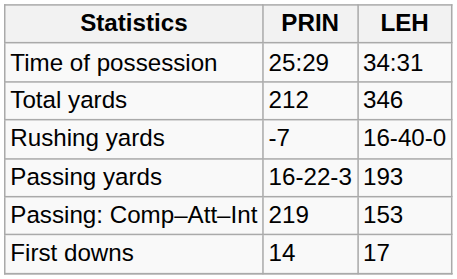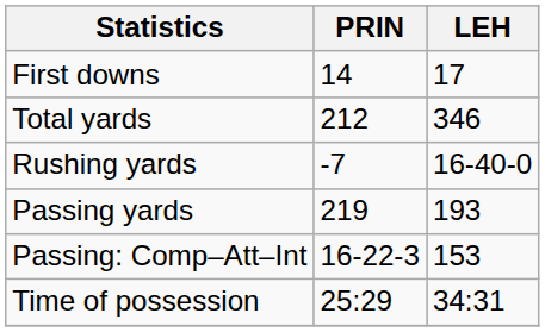 <table class="wikitable" style="float: left;">
 <tr>
 <th>Statistics</th>
 <th>PRIN</th>
 <th>LEH</th>
 </tr>
 <tr>
-<td>Time of possession</td>
-<td>25:29</td>
-<td>34:31</td>
+<td>First downs</td>
+<td>14</td>
+<td>17</td>
 </tr>
 <tr>
 <td>Total yards</td>
 <td>212</td>
 <td>346</td>
 </tr>
 <tr>
 <td>Rushing yards</td>
 <td>-7</td>
 <td>16-40-0</td>
 </tr>
 <tr>
 <td>Passing yards</td>
-<td>16-22-3</td>
+<td>219</td>
 <td>193</td>
 </tr>
 <tr>
 <td>Passing: Comp–Att–Int</td>
-<td>219</td>
+<td>16-22-3</td>
 <td>153</td>
 </tr>
 <tr>
-<td>First downs</td>
-<td>14</td>
-<td>17</td>
+<td>Time of possession</td>
+<td>25:29</td>
+<td>34:31</td>
 </tr>
 <tr>
 </tr>
 </table>
